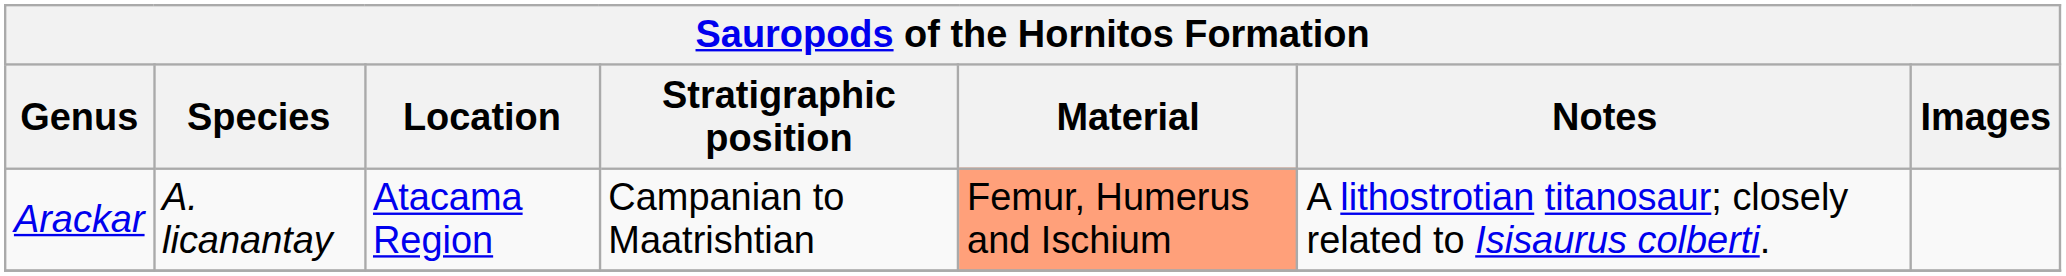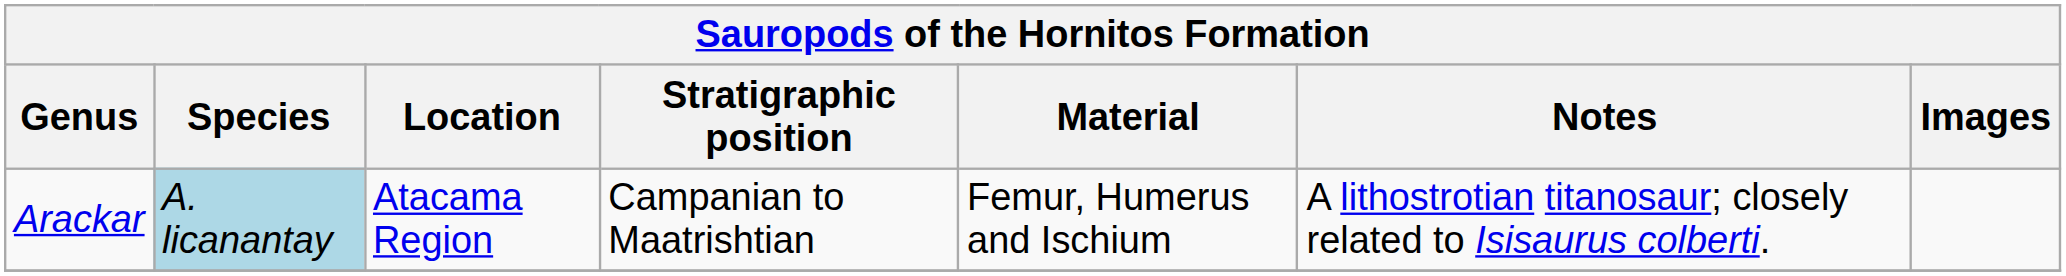 <table class="wikitable" align="center">
 <tr>
 <th colspan="7" align="center"><a href='#'>Sauropods</a> of the Hornitos Formation</th>
 </tr>
 <tr>
 <th>Genus</th>
 <th>Species</th>
 <th>Location</th>
 <th>Stratigraphic position</th>
 <th>Material</th>
 <th>Notes</th>
 <th>Images</th>
 </tr>
 <tr>
 <td><em><a href='#'>Arackar</a></em></td>
-<td><em>A. licanantay</em></td>
+<td style="background: lightblue;"><em>A. licanantay</em></td>
 <td><a href='#'>Atacama Region</a></td>
 <td>Campanian to Maatrishtian</td>
-<td style="background: lightsalmon;">Femur, Humerus and Ischium</td>
+<td>Femur, Humerus and Ischium</td>
 <td>A <a href='#'>lithostrotian</a> <a href='#'>titanosaur</a>; closely related to <em><a href='#'>Isisaurus colberti</a></em>.</td>
 <td></td>
 </tr>
 <tr>
 </tr>
 </table>
